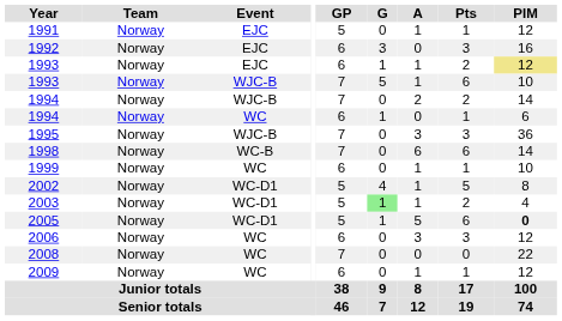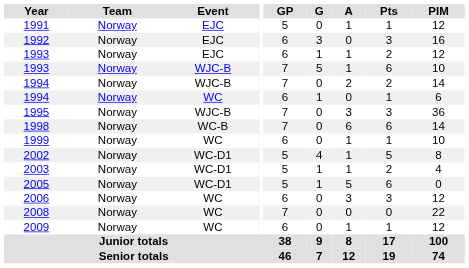 <table border="0" cellpadding="1" cellspacing="0" ID="Table3" style="text-align:center; width:40em">
 <tr bgcolor="#e0e0e0">
 <th>Year</th>
 <th>Team</th>
 <th>Event</th>
 <th rowspan="102" bgcolor="#ffffff"></th>
 <th>GP</th>
 <th>G</th>
 <th>A</th>
 <th>Pts</th>
 <th>PIM</th>
 </tr>
 <tr>
 <td><a href='#'>1991</a></td>
 <td><a href='#'>Norway</a></td>
 <td><a href='#'>EJC</a></td>
 <td>5</td>
 <td>0</td>
 <td>1</td>
 <td>1</td>
 <td>12</td>
 </tr>
 <tr bgcolor="#f0f0f0">
 <td><a href='#'>1992</a></td>
 <td>Norway</td>
 <td>EJC</td>
 <td>6</td>
 <td>3</td>
 <td>0</td>
 <td>3</td>
 <td>16</td>
 </tr>
 <tr>
 <td><a href='#'>1993</a></td>
 <td>Norway</td>
 <td>EJC</td>
 <td>6</td>
 <td>1</td>
 <td>1</td>
 <td>2</td>
-<td style="background: khaki;">12</td>
+<td>12</td>
 </tr>
 <tr bgcolor="#f0f0f0">
 <td><a href='#'>1993</a></td>
 <td><a href='#'>Norway</a></td>
 <td><a href='#'>WJC-B</a></td>
 <td>7</td>
 <td>5</td>
 <td>1</td>
 <td>6</td>
 <td>10</td>
 </tr>
 <tr>
 <td><a href='#'>1994</a></td>
 <td>Norway</td>
 <td>WJC-B</td>
 <td>7</td>
 <td>0</td>
 <td>2</td>
 <td>2</td>
 <td>14</td>
 </tr>
 <tr bgcolor="#f0f0f0">
 <td><a href='#'>1994</a></td>
 <td><a href='#'>Norway</a></td>
 <td><a href='#'>WC</a></td>
 <td>6</td>
 <td>1</td>
 <td>0</td>
 <td>1</td>
 <td>6</td>
 </tr>
 <tr>
 <td><a href='#'>1995</a></td>
 <td>Norway</td>
 <td>WJC-B</td>
 <td>7</td>
 <td>0</td>
 <td>3</td>
 <td>3</td>
 <td>36</td>
 </tr>
 <tr bgcolor="#f0f0f0">
 <td><a href='#'>1998</a></td>
 <td>Norway</td>
 <td>WC-B</td>
 <td>7</td>
 <td>0</td>
 <td>6</td>
 <td>6</td>
 <td>14</td>
 </tr>
 <tr>
 <td><a href='#'>1999</a></td>
 <td>Norway</td>
 <td>WC</td>
 <td>6</td>
 <td>0</td>
 <td>1</td>
 <td>1</td>
 <td>10</td>
 </tr>
 <tr bgcolor="#f0f0f0">
 <td><a href='#'>2002</a></td>
 <td>Norway</td>
 <td>WC-D1</td>
 <td>5</td>
 <td>4</td>
 <td>1</td>
 <td>5</td>
 <td>8</td>
 </tr>
 <tr>
 <td><a href='#'>2003</a></td>
 <td>Norway</td>
 <td>WC-D1</td>
 <td>5</td>
-<td style="background: lightgreen;">1</td>
+<td>1</td>
 <td>1</td>
 <td>2</td>
 <td>4</td>
 </tr>
 <tr bgcolor="#f0f0f0">
 <td><a href='#'>2005</a></td>
 <td>Norway</td>
 <td>WC-D1</td>
 <td>5</td>
 <td>1</td>
 <td>5</td>
 <td>6</td>
-<td><strong>0</strong></td>
+<td>0</td>
 </tr>
 <tr>
 <td><a href='#'>2006</a></td>
 <td>Norway</td>
 <td>WC</td>
 <td>6</td>
 <td>0</td>
 <td>3</td>
 <td>3</td>
 <td>12</td>
 </tr>
 <tr bgcolor="#f0f0f0">
 <td><a href='#'>2008</a></td>
 <td>Norway</td>
 <td>WC</td>
 <td>7</td>
 <td>0</td>
 <td>0</td>
 <td>0</td>
 <td>22</td>
 </tr>
 <tr>
 <td><a href='#'>2009</a></td>
 <td>Norway</td>
 <td>WC</td>
 <td>6</td>
 <td>0</td>
 <td>1</td>
 <td>1</td>
 <td>12</td>
 </tr>
 <tr bgcolor="#e0e0e0">
 <th colspan="4">Junior totals</th>
 <th>38</th>
 <th>9</th>
 <th>8</th>
 <th>17</th>
 <th>100</th>
 </tr>
 <tr bgcolor="#e0e0e0">
 <th colspan="4">Senior totals</th>
 <th>46</th>
 <th>7</th>
 <th>12</th>
 <th>19</th>
 <th>74</th>
 </tr>
 </table>
